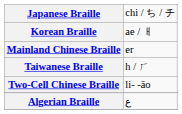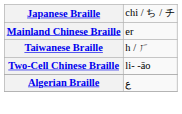 <table class="wikitable">
 <tr>
 <th align=left><a href='#'>Japanese Braille</a></th>
 <td>chi / ち / チ </td>
-</tr>
-<tr>
-<th align=left><a href='#'>Korean Braille</a></th>
-<td>ae / ㅐ </td>
 </tr>
 <tr>
 <th align=left><a href='#'>Mainland Chinese Braille</a></th>
 <td>er </td>
 </tr>
 <tr>
 <th align=left><a href='#'>Taiwanese Braille</a></th>
 <td>h / ㄏ</td>
 </tr>
 <tr>
 <th align=left><a href='#'>Two-Cell Chinese Braille</a></th>
 <td>li- -āo</td>
 </tr>
 <tr>
 </tr>
 <tr>
 </tr>
 <tr>
 <th align=left><a href='#'>Algerian Braille</a></th>
 <td>ع ‎</td>
 </tr>
 <tr>
 </tr>
 </table>
